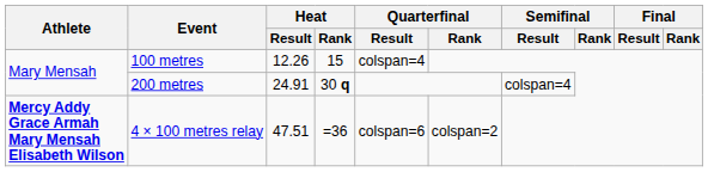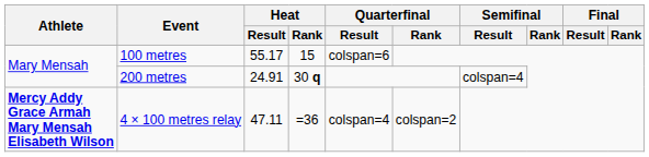 <table class=wikitable style=font-size:90%>
 <tr>
 <th rowspan=2>Athlete</th>
 <th rowspan=2>Event</th>
 <th colspan=2>Heat</th>
 <th colspan=2>Quarterfinal</th>
 <th colspan=2>Semifinal</th>
 <th colspan=2>Final</th>
 </tr>
 <tr style=font-size:95%>
 <th>Result</th>
 <th>Rank</th>
 <th>Result</th>
 <th>Rank</th>
 <th>Result</th>
 <th>Rank</th>
 <th>Result</th>
 <th>Rank</th>
 </tr>
 <tr align=center>
 <td align=left rowspan=2><a href='#'>Mary Mensah</a></td>
 <td align=left><a href='#'>100 metres</a></td>
-<td>12.26</td>
+<td>55.17</td>
 <td>15</td>
-<td>colspan=4 </td>
+<td>colspan=6 </td>
 </tr>
 <tr align=center>
 <td align=left><a href='#'>200 metres</a></td>
 <td>24.91</td>
 <td>30 <strong>q</strong></td>
 <td colspan=2></td>
 <td>colspan=4 </td>
 </tr>
 <tr align=center>
 <td align=left><strong><a href='#'>Mercy Addy</a><br><a href='#'>Grace Armah</a><br><a href='#'>Mary Mensah</a><br><a href='#'>Elisabeth Wilson</a></strong></td>
 <td align=left><a href='#'>4 × 100 metres relay</a></td>
-<td>47.51</td>
+<td>47.11</td>
 <td>=36</td>
-<td>colspan=6 </td>
+<td>colspan=4 </td>
 <td>colspan=2 </td>
 </tr>
 </table>
